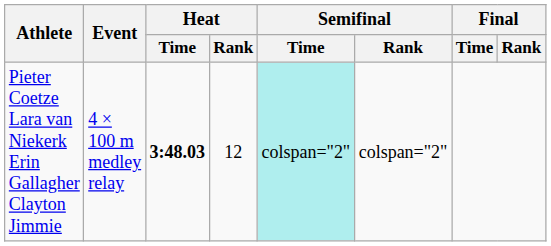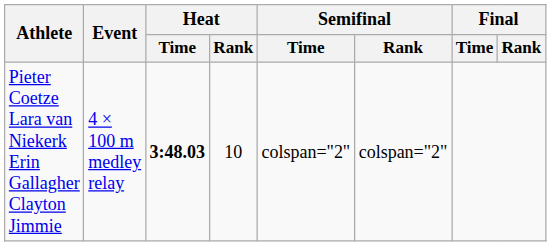 <table class="wikitable" style="text-align:center; font-size:90%; width:50%;">
 <tr>
 <th rowspan="2">Athlete</th>
 <th rowspan="2">Event</th>
 <th colspan="2">Heat</th>
 <th colspan="2">Semifinal</th>
 <th colspan="2">Final</th>
 </tr>
 <tr style="font-size:95%">
 <th>Time</th>
 <th>Rank</th>
 <th>Time</th>
 <th>Rank</th>
 <th>Time</th>
 <th>Rank</th>
 </tr>
 <tr>
 <td align=left><a href='#'>Pieter Coetze</a> <br><a href='#'>Lara van Niekerk</a> <br><a href='#'>Erin Gallagher</a> <br><a href='#'>Clayton Jimmie</a></td>
 <td align=left><a href='#'>4 × 100 m medley relay</a></td>
 <td><strong>3:48.03</strong></td>
-<td>12</td>
-<td style="background: paleturquoise;">colspan="2"  </td>
+<td>10</td>
+<td>colspan="2"  </td>
 <td>colspan="2"  </td>
 </tr>
 </table>
